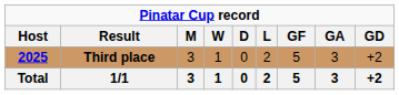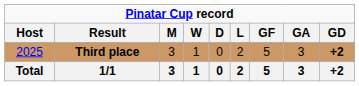 <table class="wikitable" style="text-align: center; width:75%;">
 <tr style="background:;">
 <td colspan=9> <strong><a href='#'>Pinatar Cup</a> record</strong></td>
 </tr>
 <tr>
 <th>Host</th>
 <th>Result</th>
 <th>M</th>
 <th>W</th>
 <th>D</th>
 <th>L</th>
 <th>GF</th>
 <th>GA</th>
 <th>GD</th>
 </tr>
 <tr bgcolor="#cc9966">
-<td><strong><a href='#'>2025</a></strong></td>
+<td><a href='#'>2025</a></td>
 <td><strong>Third place</strong></td>
 <td>3</td>
 <td>1</td>
 <td>0</td>
 <td>2</td>
 <td>5</td>
 <td>3</td>
-<td>+2</td>
+<td><strong>+2</strong></td>
 </tr>
 <tr>
 <th><strong>Total</strong></th>
 <th>1/1</th>
 <th>3</th>
 <th>1</th>
 <th>0</th>
 <th>2</th>
 <th>5</th>
 <th>3</th>
 <th>+2</th>
 </tr>
 </table>
